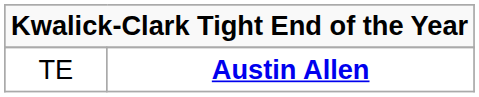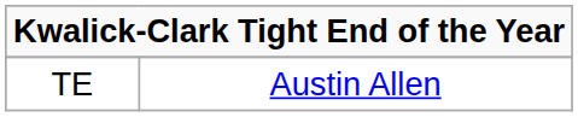 <table class="wikitable sortable" style="text-align:center">
 <tr>
 <td colspan="3"><strong>Kwalick-Clark Tight End of the Year</strong></td>
 </tr>
 <tr>
 </tr>
 <tr style="text-align:center;">
 <td style="background:white">TE</td>
-<td style="background:white"><strong><a href='#'>Austin Allen</a></strong></td>
+<td style="background:white"><a href='#'>Austin Allen</a></td>
 </tr>
 </table>
